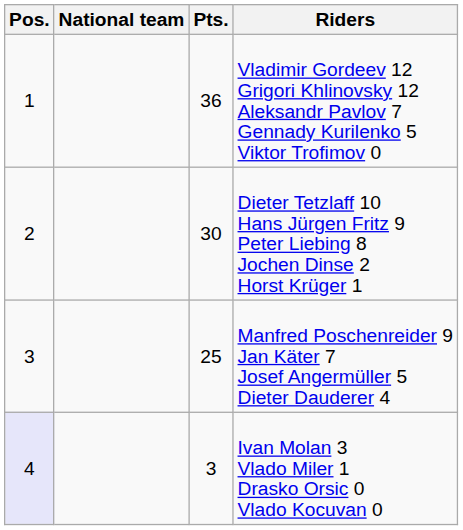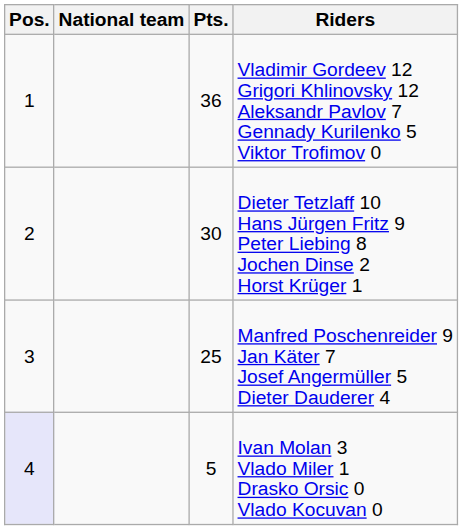 <table class=wikitable style="font-size:93%;">
 <tr>
 <th>Pos.</th>
 <th>National team</th>
 <th>Pts.</th>
 <th>Riders</th>
 </tr>
 <tr align=center >
 <td>1</td>
 <td align=left></td>
 <td>36</td>
 <td align=left><br><a href='#'>Vladimir Gordeev</a> 12<br> <a href='#'>Grigori Khlinovsky</a> 12<br> <a href='#'>Aleksandr Pavlov</a> 7<br> <a href='#'>Gennady Kurilenko</a> 5<br> <a href='#'>Viktor Trofimov</a> 0</td>
 </tr>
 <tr align=center >
 <td>2</td>
 <td align=left></td>
 <td>30</td>
 <td align=left><br><a href='#'>Dieter Tetzlaff</a> 10<br> <a href='#'>Hans Jürgen Fritz</a> 9<br> <a href='#'>Peter Liebing</a> 8<br> <a href='#'>Jochen Dinse</a> 2<br> <a href='#'>Horst Krüger</a> 1</td>
 </tr>
 <tr align=center>
 <td>3</td>
 <td align=left></td>
 <td>25</td>
 <td align=left><br><a href='#'>Manfred Poschenreider</a> 9<br> <a href='#'>Jan Käter</a> 7<br> <a href='#'>Josef Angermüller</a> 5<br> <a href='#'>Dieter Dauderer</a> 4</td>
 </tr>
 <tr align=center>
 <td style="background: lavender;">4</td>
 <td align=left></td>
-<td>3</td>
+<td>5</td>
 <td align=left><br><a href='#'>Ivan Molan</a> 3<br> <a href='#'>Vlado Miler</a> 1<br> <a href='#'>Drasko Orsic</a> 0<br> <a href='#'>Vlado Kocuvan</a> 0</td>
 </tr>
 </table>
